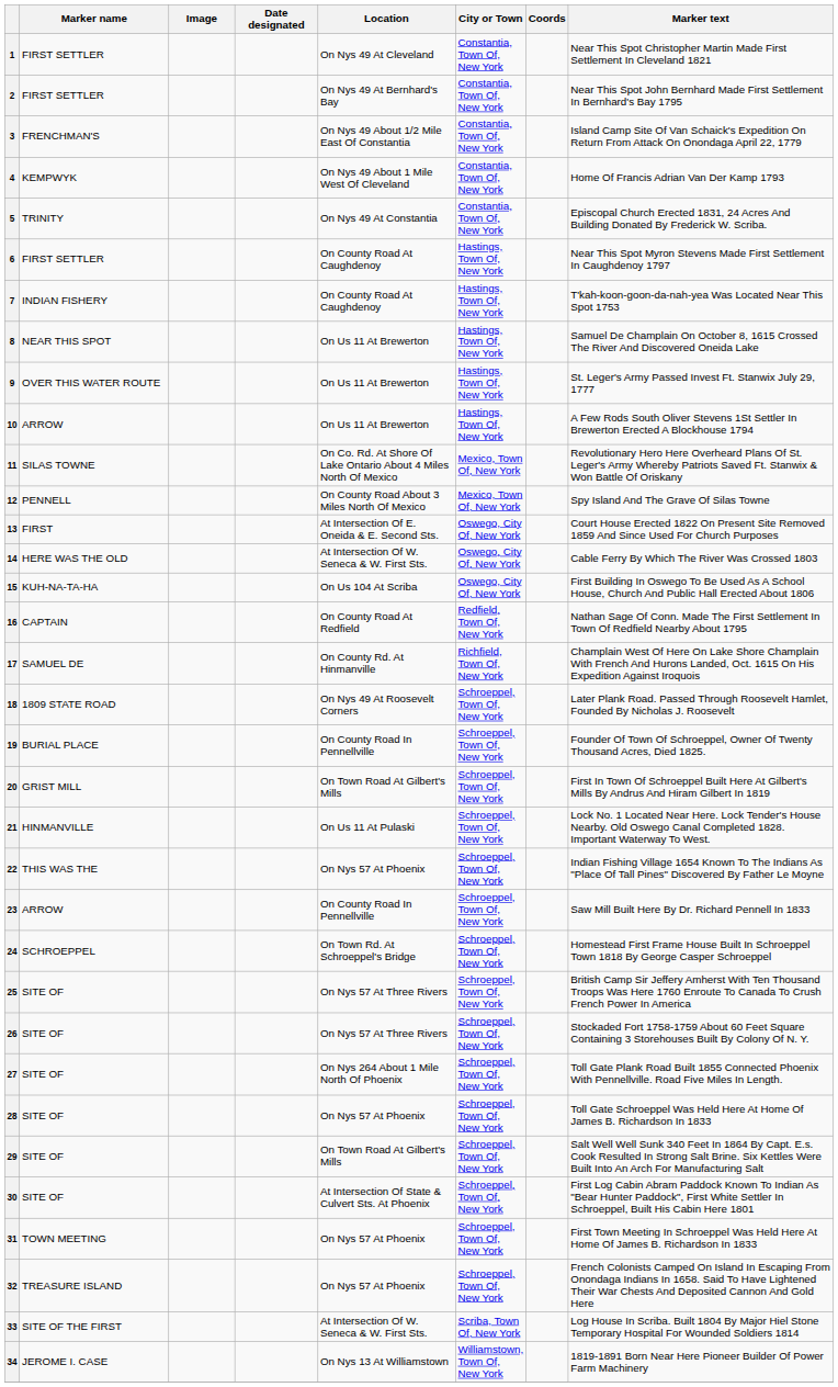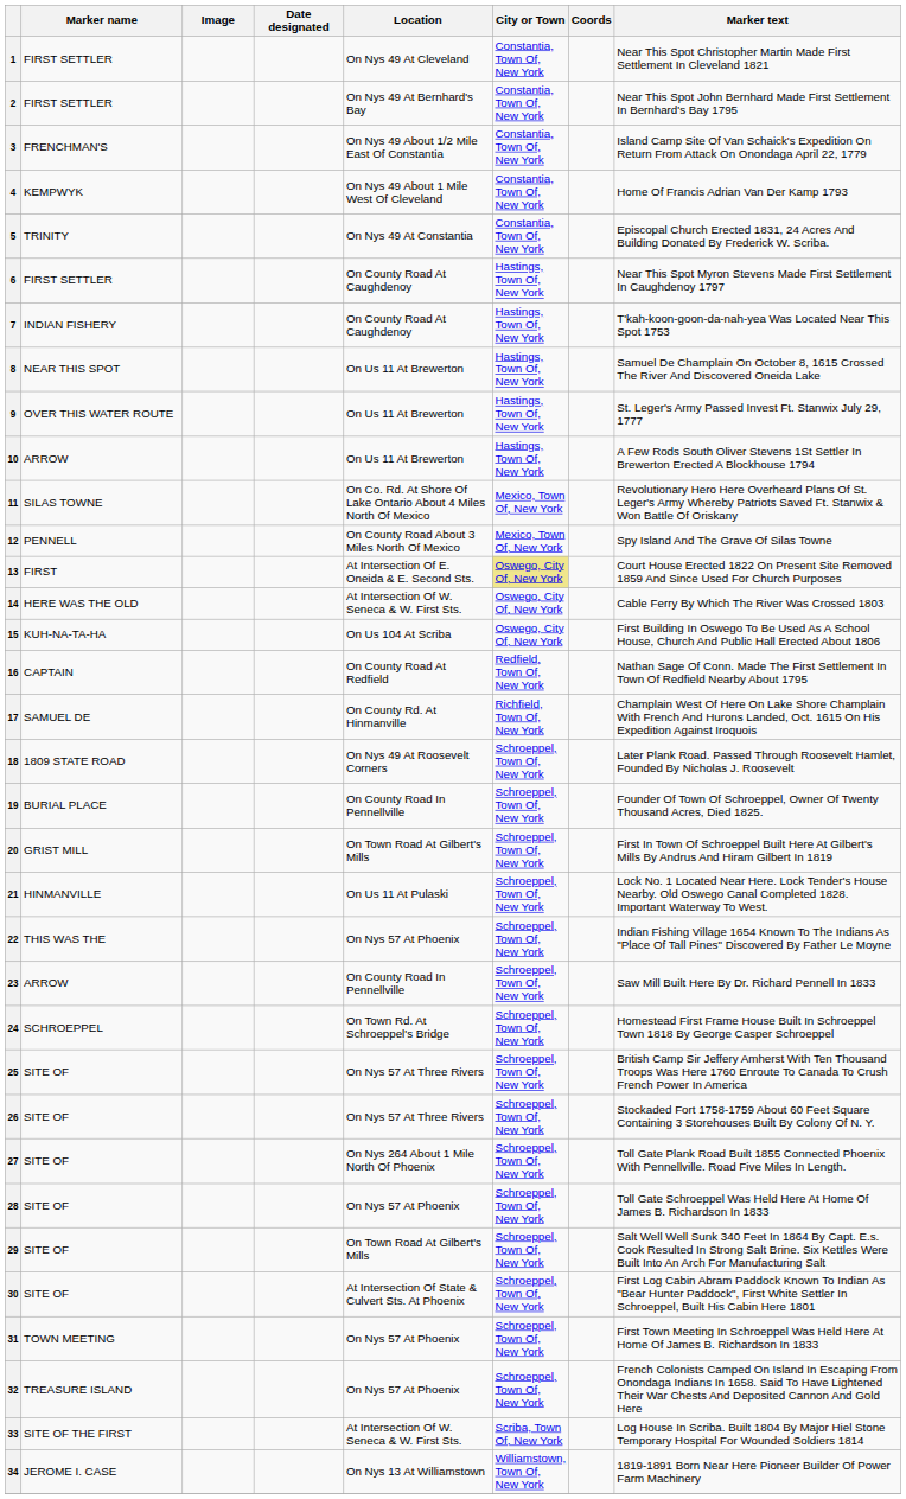 <table class="wikitable sortable" style="width:98%">
 <tr>
 <th></th>
 <th width = 18% ><strong>Marker name</strong></th>
 <th width = 8% class="unsortable" ><strong>Image</strong></th>
 <th width = 10% ><strong>Date designated</strong></th>
 <th><strong>Location</strong></th>
 <th width = 8% ><strong>City or Town</strong></th>
 <th><strong>Coords</strong></th>
 <th class="unsortable" ><strong>Marker text</strong></th>
 </tr>
 <tr ->
 <th><small>1</small></th>
 <td>FIRST SETTLER</td>
 <td></td>
 <td></td>
 <td>On Nys 49 At Cleveland</td>
 <td><a href='#'>Constantia, Town Of, New York</a></td>
 <td></td>
 <td>Near This Spot Christopher Martin Made First Settlement In Cleveland 1821</td>
 </tr>
 <tr ->
 <th><small>2</small></th>
 <td>FIRST SETTLER</td>
 <td></td>
 <td></td>
 <td>On Nys 49 At Bernhard's Bay</td>
 <td><a href='#'>Constantia, Town Of, New York</a></td>
 <td></td>
 <td>Near This Spot John Bernhard Made First Settlement In Bernhard's Bay 1795</td>
 </tr>
 <tr ->
 <th><small>3</small></th>
 <td>FRENCHMAN'S</td>
 <td></td>
 <td></td>
 <td>On Nys 49 About 1/2 Mile East Of Constantia</td>
 <td><a href='#'>Constantia, Town Of, New York</a></td>
 <td></td>
 <td>Island Camp Site Of Van Schaick's Expedition On Return From Attack On Onondaga April 22, 1779</td>
 </tr>
 <tr ->
 <th><small>4</small></th>
 <td>KEMPWYK</td>
 <td></td>
 <td></td>
 <td>On Nys 49 About 1 Mile West Of Cleveland</td>
 <td><a href='#'>Constantia, Town Of, New York</a></td>
 <td></td>
 <td>Home Of Francis Adrian Van Der Kamp 1793</td>
 </tr>
 <tr ->
 <th><small>5</small></th>
 <td>TRINITY</td>
 <td></td>
 <td></td>
 <td>On Nys 49 At Constantia</td>
 <td><a href='#'>Constantia, Town Of, New York</a></td>
 <td></td>
 <td>Episcopal Church Erected 1831, 24 Acres And Building Donated By Frederick W. Scriba.</td>
 </tr>
 <tr ->
 <th><small>6</small></th>
 <td>FIRST SETTLER</td>
 <td></td>
 <td></td>
 <td>On County Road At Caughdenoy</td>
 <td><a href='#'>Hastings, Town Of, New York</a></td>
 <td></td>
 <td>Near This Spot Myron Stevens Made First Settlement In Caughdenoy 1797</td>
 </tr>
 <tr ->
 <th><small>7</small></th>
 <td>INDIAN FISHERY</td>
 <td></td>
 <td></td>
 <td>On County Road At Caughdenoy</td>
 <td><a href='#'>Hastings, Town Of, New York</a></td>
 <td></td>
 <td>T'kah-koon-goon-da-nah-yea Was Located Near This Spot 1753</td>
 </tr>
 <tr ->
 <th><small>8</small></th>
 <td>NEAR THIS SPOT</td>
 <td></td>
 <td></td>
 <td>On Us 11 At Brewerton</td>
 <td><a href='#'>Hastings, Town Of, New York</a></td>
 <td></td>
 <td>Samuel De Champlain On October 8, 1615 Crossed The River And Discovered Oneida Lake</td>
 </tr>
 <tr ->
 <th><small>9</small></th>
 <td>OVER THIS WATER ROUTE</td>
 <td></td>
 <td></td>
 <td>On Us 11 At Brewerton</td>
 <td><a href='#'>Hastings, Town Of, New York</a></td>
 <td></td>
 <td>St. Leger's Army Passed Invest Ft. Stanwix July 29, 1777</td>
 </tr>
 <tr ->
 <th><small>10</small></th>
 <td>ARROW</td>
 <td></td>
 <td></td>
 <td>On Us 11 At Brewerton</td>
 <td><a href='#'>Hastings, Town Of, New York</a></td>
 <td></td>
 <td>A Few Rods South Oliver Stevens 1St Settler In Brewerton Erected A Blockhouse 1794</td>
 </tr>
 <tr ->
 <th><small>11</small></th>
 <td>SILAS TOWNE</td>
 <td></td>
 <td></td>
 <td>On Co. Rd. At Shore Of Lake Ontario About 4 Miles North Of Mexico</td>
 <td><a href='#'>Mexico, Town Of, New York</a></td>
 <td></td>
 <td>Revolutionary Hero Here Overheard Plans Of St. Leger's Army Whereby Patriots Saved Ft. Stanwix & Won Battle Of Oriskany</td>
 </tr>
 <tr ->
 <th><small>12</small></th>
 <td>PENNELL</td>
 <td></td>
 <td></td>
 <td>On County Road About 3 Miles North Of Mexico</td>
 <td><a href='#'>Mexico, Town Of, New York</a></td>
 <td></td>
 <td>Spy Island And The Grave Of Silas Towne</td>
 </tr>
 <tr ->
 <th><small>13</small></th>
 <td>FIRST</td>
 <td></td>
 <td></td>
 <td>At Intersection Of E. Oneida & E. Second Sts.</td>
-<td><a href='#'>Oswego, City Of, New York</a></td>
+<td style="background: khaki;"><a href='#'>Oswego, City Of, New York</a></td>
 <td></td>
 <td>Court House Erected 1822 On Present Site Removed 1859 And Since Used For Church Purposes</td>
 </tr>
 <tr ->
 <th><small>14</small></th>
 <td>HERE WAS THE OLD</td>
 <td></td>
 <td></td>
 <td>At Intersection Of W. Seneca & W. First Sts.</td>
 <td><a href='#'>Oswego, City Of, New York</a></td>
 <td></td>
 <td>Cable Ferry By Which The River Was Crossed 1803</td>
 </tr>
 <tr ->
 <th><small>15</small></th>
 <td>KUH-NA-TA-HA</td>
 <td></td>
 <td></td>
 <td>On Us 104 At Scriba</td>
 <td><a href='#'>Oswego, City Of, New York</a></td>
 <td></td>
 <td>First Building In Oswego To Be Used As A School House, Church And Public Hall Erected About 1806</td>
 </tr>
 <tr ->
 <th><small>16</small></th>
 <td>CAPTAIN</td>
 <td></td>
 <td></td>
 <td>On County Road At Redfield</td>
 <td><a href='#'>Redfield, Town Of, New York</a></td>
 <td></td>
 <td>Nathan Sage Of Conn. Made The First Settlement In Town Of Redfield Nearby About 1795</td>
 </tr>
 <tr ->
 <th><small>17</small></th>
 <td>SAMUEL DE</td>
 <td></td>
 <td></td>
 <td>On County Rd. At Hinmanville</td>
 <td><a href='#'>Richfield, Town Of, New York</a></td>
 <td></td>
 <td>Champlain West Of Here On Lake Shore Champlain With French And Hurons Landed, Oct. 1615 On His Expedition Against Iroquois</td>
 </tr>
 <tr ->
 <th><small>18</small></th>
 <td>1809 STATE ROAD</td>
 <td></td>
 <td></td>
 <td>On Nys 49 At Roosevelt Corners</td>
 <td><a href='#'>Schroeppel, Town Of, New York</a></td>
 <td></td>
 <td>Later Plank Road. Passed Through Roosevelt Hamlet, Founded By Nicholas J. Roosevelt</td>
 </tr>
 <tr ->
 <th><small>19</small></th>
 <td>BURIAL PLACE</td>
 <td></td>
 <td></td>
 <td>On County Road In Pennellville</td>
 <td><a href='#'>Schroeppel, Town Of, New York</a></td>
 <td></td>
 <td>Founder Of Town Of Schroeppel, Owner Of Twenty Thousand Acres, Died 1825.</td>
 </tr>
 <tr ->
 <th><small>20</small></th>
 <td>GRIST MILL</td>
 <td></td>
 <td></td>
 <td>On Town Road At Gilbert's Mills</td>
 <td><a href='#'>Schroeppel, Town Of, New York</a></td>
 <td></td>
 <td>First In Town Of Schroeppel Built Here At Gilbert's Mills By Andrus And Hiram Gilbert In 1819</td>
 </tr>
 <tr ->
 <th><small>21</small></th>
 <td>HINMANVILLE</td>
 <td></td>
 <td></td>
 <td>On Us 11 At Pulaski</td>
 <td><a href='#'>Schroeppel, Town Of, New York</a></td>
 <td></td>
 <td>Lock No. 1 Located Near Here. Lock Tender's House Nearby. Old Oswego Canal Completed 1828. Important Waterway To West.</td>
 </tr>
 <tr ->
 <th><small>22</small></th>
 <td>THIS WAS THE</td>
 <td></td>
 <td></td>
 <td>On Nys 57 At Phoenix</td>
 <td><a href='#'>Schroeppel, Town Of, New York</a></td>
 <td></td>
 <td>Indian Fishing Village 1654 Known To The Indians As "Place Of Tall Pines" Discovered By Father Le Moyne</td>
 </tr>
 <tr ->
 <th><small>23</small></th>
 <td>ARROW</td>
 <td></td>
 <td></td>
 <td>On County Road In Pennellville</td>
 <td><a href='#'>Schroeppel, Town Of, New York</a></td>
 <td></td>
 <td>Saw Mill Built Here By Dr. Richard Pennell In 1833</td>
 </tr>
 <tr ->
 <th><small>24</small></th>
 <td>SCHROEPPEL</td>
 <td></td>
 <td></td>
 <td>On Town Rd. At Schroeppel's Bridge</td>
 <td><a href='#'>Schroeppel, Town Of, New York</a></td>
 <td></td>
 <td>Homestead First Frame House Built In Schroeppel Town 1818 By George Casper Schroeppel</td>
 </tr>
 <tr ->
 <th><small>25</small></th>
 <td>SITE OF</td>
 <td></td>
 <td></td>
 <td>On Nys 57 At Three Rivers</td>
 <td><a href='#'>Schroeppel, Town Of, New York</a></td>
 <td></td>
 <td>British Camp Sir Jeffery Amherst With Ten Thousand Troops Was Here 1760 Enroute To Canada To Crush French Power In America</td>
 </tr>
 <tr ->
 <th><small>26</small></th>
 <td>SITE OF</td>
 <td></td>
 <td></td>
 <td>On Nys 57 At Three Rivers</td>
 <td><a href='#'>Schroeppel, Town Of, New York</a></td>
 <td></td>
 <td>Stockaded Fort 1758-1759 About 60 Feet Square Containing 3 Storehouses Built By Colony Of N. Y.</td>
 </tr>
 <tr ->
 <th><small>27</small></th>
 <td>SITE OF</td>
 <td></td>
 <td></td>
 <td>On Nys 264 About 1 Mile North Of Phoenix</td>
 <td><a href='#'>Schroeppel, Town Of, New York</a></td>
 <td></td>
 <td>Toll Gate Plank Road Built 1855 Connected Phoenix With Pennellville.  Road Five Miles In Length.</td>
 </tr>
 <tr ->
 <th><small>28</small></th>
 <td>SITE OF</td>
 <td></td>
 <td></td>
 <td>On Nys 57 At Phoenix</td>
 <td><a href='#'>Schroeppel, Town Of, New York</a></td>
 <td></td>
 <td>Toll Gate Schroeppel Was Held Here At Home Of James B. Richardson In 1833</td>
 </tr>
 <tr ->
 <th><small>29</small></th>
 <td>SITE OF</td>
 <td></td>
 <td></td>
 <td>On Town Road At Gilbert's Mills</td>
 <td><a href='#'>Schroeppel, Town Of, New York</a></td>
 <td></td>
 <td>Salt Well Well Sunk 340 Feet In 1864 By Capt. E.s. Cook Resulted In Strong Salt Brine. Six Kettles Were Built Into An Arch For Manufacturing Salt</td>
 </tr>
 <tr ->
 <th><small>30</small></th>
 <td>SITE OF</td>
 <td></td>
 <td></td>
 <td>At Intersection Of State & Culvert Sts. At Phoenix</td>
 <td><a href='#'>Schroeppel, Town Of, New York</a></td>
 <td></td>
 <td>First Log Cabin Abram Paddock Known To Indian As "Bear Hunter Paddock", First White Settler In Schroeppel, Built His Cabin Here 1801</td>
 </tr>
 <tr ->
 <th><small>31</small></th>
 <td>TOWN MEETING</td>
 <td></td>
 <td></td>
 <td>On Nys 57 At Phoenix</td>
 <td><a href='#'>Schroeppel, Town Of, New York</a></td>
 <td></td>
 <td>First Town Meeting In Schroeppel Was Held Here At Home Of James B. Richardson In 1833</td>
 </tr>
 <tr ->
 <th><small>32</small></th>
 <td>TREASURE ISLAND</td>
 <td></td>
 <td></td>
 <td>On Nys 57 At Phoenix</td>
 <td><a href='#'>Schroeppel, Town Of, New York</a></td>
 <td></td>
 <td>French Colonists Camped On Island In Escaping From Onondaga Indians In 1658. Said To Have Lightened Their War Chests And Deposited Cannon And Gold Here</td>
 </tr>
 <tr ->
 <th><small>33</small></th>
 <td>SITE OF THE FIRST</td>
 <td></td>
 <td></td>
 <td>At Intersection Of W. Seneca & W. First Sts.</td>
 <td><a href='#'>Scriba, Town Of, New York</a></td>
 <td></td>
 <td>Log House In Scriba. Built 1804 By Major Hiel Stone Temporary Hospital For Wounded Soldiers 1814</td>
 </tr>
 <tr ->
 <th><small>34</small></th>
 <td>JEROME I. CASE</td>
 <td></td>
 <td></td>
 <td>On Nys 13 At Williamstown</td>
 <td><a href='#'>Williamstown, Town Of, New York</a></td>
 <td></td>
 <td>1819-1891 Born Near Here Pioneer Builder Of Power Farm Machinery</td>
 </tr>
 <tr ->
 </tr>
 </table>
